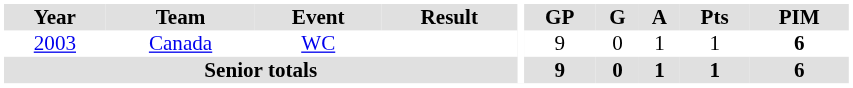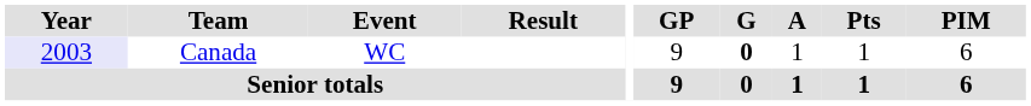 <table border="0" cellpadding="1" cellspacing="0" ID="Table3" style="text-align:center; width:40em">
 <tr align="center" bgcolor="#e0e0e0">
 <th>Year</th>
 <th>Team</th>
 <th>Event</th>
 <th>Result</th>
 <th rowspan="99" bgcolor="#ffffff"></th>
 <th>GP</th>
 <th>G</th>
 <th>A</th>
 <th>Pts</th>
 <th>PIM</th>
 </tr>
 <tr>
-<td><a href='#'>2003</a></td>
+<td style="background: lavender;"><a href='#'>2003</a></td>
 <td><a href='#'>Canada</a></td>
 <td><a href='#'>WC</a></td>
 <td></td>
 <td>9</td>
-<td>0</td>
+<td><strong>0</strong></td>
 <td>1</td>
 <td>1</td>
-<td><strong>6</strong></td>
+<td>6</td>
 </tr>
 <tr bgcolor="#e0e0e0">
 <th colspan="4">Senior totals</th>
 <th>9</th>
 <th>0</th>
 <th>1</th>
 <th>1</th>
 <th>6</th>
 </tr>
 </table>
